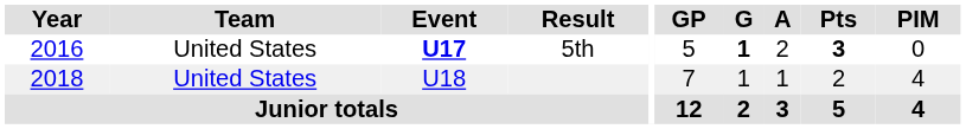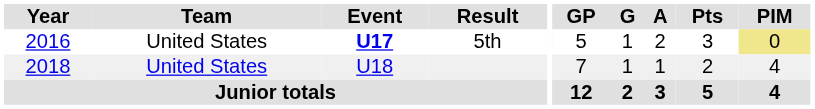 <table border="0" cellpadding="1" cellspacing="0" ID="Table3" style="text-align:center; width:40em;">
 <tr bgcolor="#e0e0e0">
 <th>Year</th>
 <th>Team</th>
 <th>Event</th>
 <th>Result</th>
 <th rowspan="99" bgcolor="#ffffff"></th>
 <th>GP</th>
 <th>G</th>
 <th>A</th>
 <th>Pts</th>
 <th>PIM</th>
 </tr>
 <tr>
 <td><a href='#'>2016</a></td>
 <td>United States</td>
 <td><strong><a href='#'>U17</a></strong></td>
 <td>5th</td>
 <td>5</td>
-<td><strong>1</strong></td>
+<td>1</td>
 <td>2</td>
-<td><strong>3</strong></td>
-<td>0</td>
+<td>3</td>
+<td style="background: khaki;">0</td>
 </tr>
 <tr bgcolor="#f0f0f0">
 <td><a href='#'>2018</a></td>
 <td><a href='#'>United States</a></td>
 <td><a href='#'>U18</a></td>
 <td></td>
 <td>7</td>
 <td>1</td>
 <td>1</td>
 <td>2</td>
 <td>4</td>
 </tr>
 <tr bgcolor="#e0e0e0">
 <th colspan="4">Junior totals</th>
 <th>12</th>
 <th>2</th>
 <th>3</th>
 <th>5</th>
 <th>4</th>
 </tr>
 </table>
